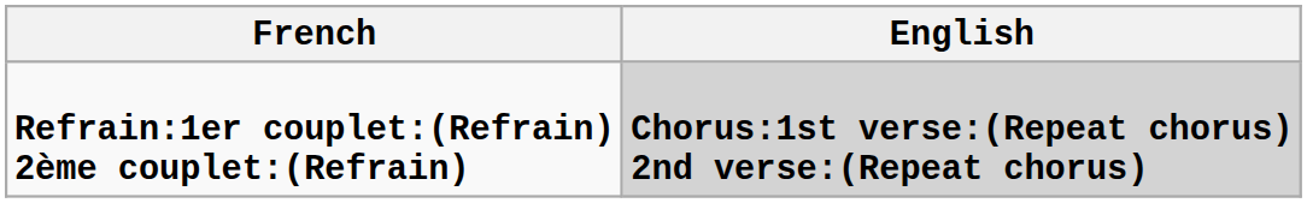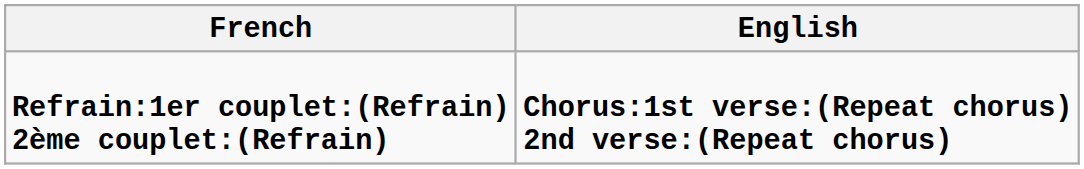 <table class="wikitable">
 <tr>
 <th>French</th>
 <th>English</th>
 </tr>
 <tr>
 <td><br><strong>Refrain:</strong><strong>1er couplet:</strong><strong>(Refrain)</strong><br><strong>2ème couplet:</strong><strong>(Refrain)</strong></td>
-<td style="background: lightgrey;"><br><strong>Chorus:</strong><strong>1st verse:</strong><strong>(Repeat chorus)</strong><br><strong>2nd verse:</strong><strong>(Repeat chorus)</strong></td>
+<td><br><strong>Chorus:</strong><strong>1st verse:</strong><strong>(Repeat chorus)</strong><br><strong>2nd verse:</strong><strong>(Repeat chorus)</strong></td>
 </tr>
 </table>
